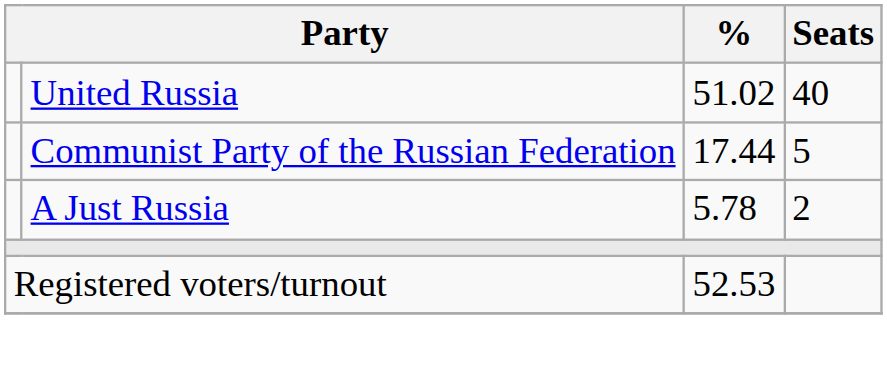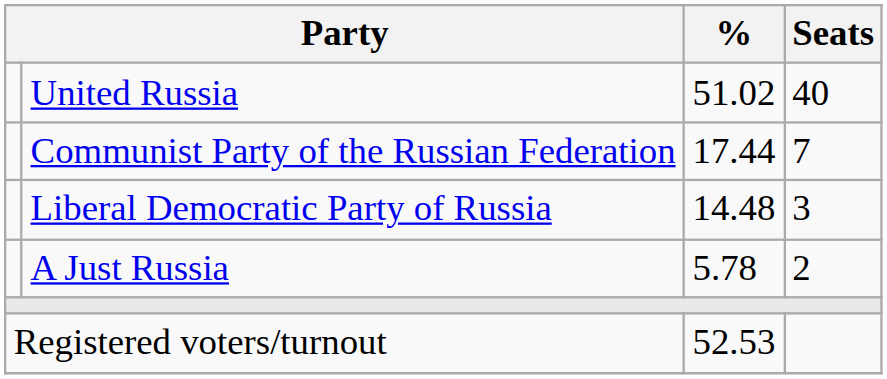 <table class="wikitable">
 <tr>
 <th colspan=2>Party</th>
 <th>%</th>
 <th>Seats</th>
 </tr>
 <tr>
 <td style="background:"></td>
 <td><a href='#'>United Russia</a></td>
 <td>51.02</td>
 <td>40</td>
 </tr>
 <tr>
 <td style="background:"></td>
 <td><a href='#'>Communist Party of the Russian Federation</a></td>
 <td>17.44</td>
-<td>5</td>
+<td>7</td>
+</tr>
+<tr>
+<td style="background:"></td>
+<td><a href='#'>Liberal Democratic Party of Russia</a></td>
+<td>14.48</td>
+<td>3</td>
 </tr>
 <tr>
 <td style="background:"></td>
 <td><a href='#'>A Just Russia</a></td>
 <td>5.78</td>
 <td>2</td>
 </tr>
 <tr>
 <td colspan=4 style="background:#E9E9E9;"></td>
 </tr>
 <tr>
 <td align=left colspan=2>Registered voters/turnout</td>
 <td>52.53</td>
 <td></td>
 </tr>
 <tr>
 </tr>
 </table>
